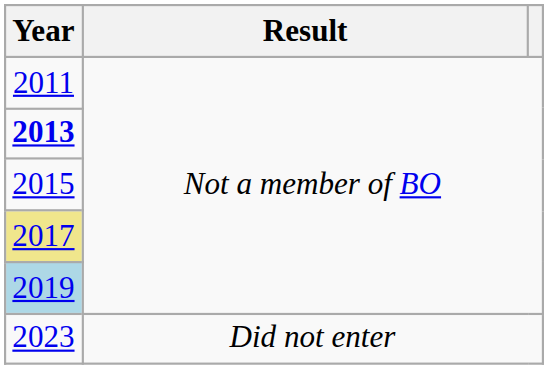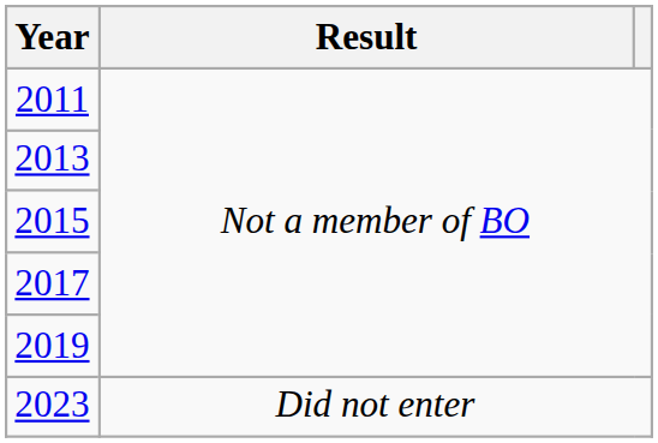 <table class="wikitable" style="text-align: center; font-size:90%">
 <tr>
 <th>Year</th>
 <th style="width:200px">Result</th>
 <th></th>
 </tr>
 <tr>
 <td><a href='#'>2011</a></td>
 <td colspan="2" rowspan="5"><em>Not a member of <a href='#'>BO</a></em></td>
 </tr>
 <tr>
-<td><strong><a href='#'>2013</a></strong></td>
+<td><a href='#'>2013</a></td>
 </tr>
 <tr>
 <td><a href='#'>2015</a></td>
 </tr>
 <tr>
-<td style="background: khaki;"><a href='#'>2017</a></td>
+<td><a href='#'>2017</a></td>
 </tr>
 <tr>
-<td style="background: lightblue;"><a href='#'>2019</a></td>
+<td><a href='#'>2019</a></td>
 </tr>
 <tr>
 <td><a href='#'>2023</a></td>
 <td colspan="2"><em>Did not enter</em></td>
 </tr>
 </table>
